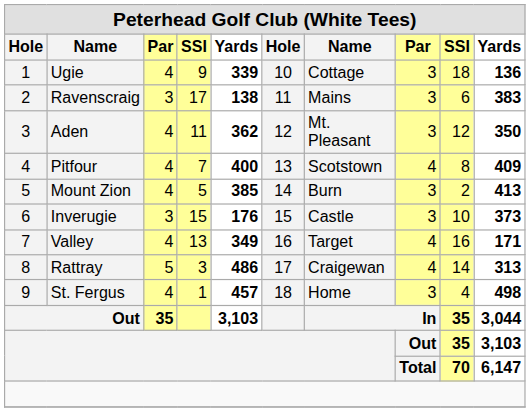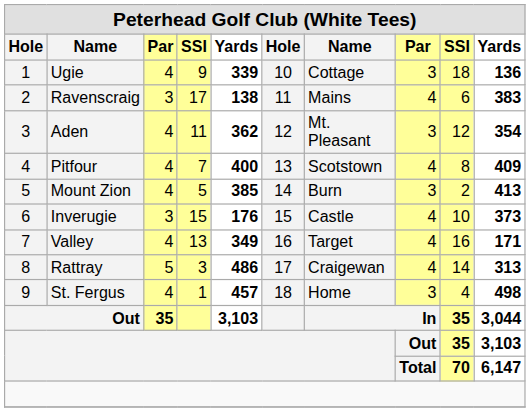 <table class="wikitable" style="font-size: 85%" "margin: 1em auto 1em auto" border="2" cellspacing="0" cellpadding="3" width="50%">
 <tr>
 <td align = "center" style="background:#E0E0E0;" colspan = "10"><strong><big>Peterhead Golf Club (White Tees)</big></strong></td>
 </tr>
 <tr>
 <td align = "center" style="background:#F3F3F3;"><strong>Hole</strong></td>
 <td align = "center" style="background:#F3F3F3;"><strong>Name</strong></td>
 <td align = "center" style="background:#FFFF99;"><strong>Par</strong></td>
 <td align = "center" style="background:#FFFF99;"><strong>SSI</strong></td>
 <td align = "center" style="background:#ffffff;"><strong>Yards</strong></td>
 <td align = "center" style="background:#F3F3F3;"><strong>Hole</strong></td>
 <td align = "center" style="background:#F3F3F3;"><strong>Name</strong></td>
 <td align = "center" style="background:#FFFF99;"><strong>Par</strong></td>
 <td align = "center" style="background:#FFFF99;"><strong>SSI</strong></td>
 <td align = "center" style="background:#ffffff;"><strong>Yards</strong></td>
 </tr>
 <tr>
 <td align = "center" style="background:#F3F3F3;">1</td>
 <td style="background:#F3F3F3;">Ugie</td>
 <td align = "right" style="background:#FFFF99;">4</td>
 <td align = "right" style="background:#FFFF99;">9</td>
 <td align = "right" style="background:#ffffff;"><strong>339</strong></td>
 <td align = "center" style="background:#F3F3F3;">10</td>
 <td style="background:#F3F3F3;">Cottage</td>
 <td align = "right" style="background:#FFFF99;">3</td>
 <td align = "right" style="background:#FFFF99;">18</td>
 <td align = "right" style="background:#ffffff;"><strong>136</strong></td>
 </tr>
 <tr>
 <td align = "center" style="background:#F3F3F3;">2</td>
 <td style="background:#F3F3F3;">Ravenscraig</td>
 <td align = "right" style="background:#FFFF99;">3</td>
 <td align = "right" style="background:#FFFF99;">17</td>
 <td align = "right" style="background:#ffffff;"><strong>138</strong></td>
 <td align = "center" style="background:#F3F3F3;">11</td>
 <td style="background:#F3F3F3;">Mains</td>
-<td align = "right" style="background:#FFFF99;">3</td>
+<td align = "right" style="background:#FFFF99;">4</td>
 <td align = "right" style="background:#FFFF99;">6</td>
 <td align = "right" style="background:#ffffff;"><strong>383</strong></td>
 </tr>
 <tr>
 <td align = "center" style="background:#F3F3F3;">3</td>
 <td style="background:#F3F3F3;">Aden</td>
 <td align = "right" style="background:#FFFF99;">4</td>
 <td align = "right" style="background:#FFFF99;">11</td>
 <td align = "right" style="background:#ffffff;"><strong>362</strong></td>
 <td align = "center" style="background:#F3F3F3;">12</td>
 <td style="background:#F3F3F3;">Mt. Pleasant</td>
 <td align = "right" style="background:#FFFF99;">3</td>
 <td align = "right" style="background:#FFFF99;">12</td>
-<td align = "right" style="background:#ffffff;"><strong>350</strong></td>
+<td align = "right" style="background:#ffffff;"><strong>354</strong></td>
 </tr>
 <tr>
 <td align = "center" style="background:#F3F3F3;">4</td>
 <td style="background:#F3F3F3;">Pitfour</td>
 <td align = "right" style="background:#FFFF99;">4</td>
 <td align = "right" style="background:#FFFF99;">7</td>
 <td align = "right" style="background:#ffffff;"><strong>400</strong></td>
 <td align = "center" style="background:#F3F3F3;">13</td>
 <td style="background:#F3F3F3;">Scotstown</td>
 <td align = "right" style="background:#FFFF99;">4</td>
 <td align = "right" style="background:#FFFF99;">8</td>
 <td align = "right" style="background:#ffffff;"><strong>409</strong></td>
 </tr>
 <tr>
 <td align = "center" style="background:#F3F3F3;">5</td>
 <td style="background:#F3F3F3;">Mount Zion</td>
 <td align = "right" style="background:#FFFF99;">4</td>
 <td align = "right" style="background:#FFFF99;">5</td>
 <td align = "right" style="background:#ffffff;"><strong>385</strong></td>
 <td align = "center" style="background:#F3F3F3;">14</td>
 <td style="background:#F3F3F3;">Burn</td>
 <td align = "right" style="background:#FFFF99;">3</td>
 <td align = "right" style="background:#FFFF99;">2</td>
 <td align = "right" style="background:#ffffff;"><strong>413</strong></td>
 </tr>
 <tr>
 <td align = "center" style="background:#F3F3F3;">6</td>
 <td style="background:#F3F3F3;">Inverugie</td>
 <td align = "right" style="background:#FFFF99;">3</td>
 <td align = "right" style="background:#FFFF99;">15</td>
 <td align = "right" style="background:#ffffff;"><strong>176</strong></td>
 <td align = "center" style="background:#F3F3F3;">15</td>
 <td style="background:#F3F3F3;">Castle</td>
-<td align = "right" style="background:#FFFF99;">3</td>
+<td align = "right" style="background:#FFFF99;">4</td>
 <td align = "right" style="background:#FFFF99;">10</td>
 <td align = "right" style="background:#ffffff;"><strong>373</strong></td>
 </tr>
 <tr>
 <td align = "center" style="background:#F3F3F3;">7</td>
 <td style="background:#F3F3F3;">Valley</td>
 <td align = "right" style="background:#FFFF99;">4</td>
 <td align = "right" style="background:#FFFF99;">13</td>
 <td align = "right" style="background:#ffffff;"><strong>349</strong></td>
 <td align = "center" style="background:#F3F3F3;">16</td>
 <td style="background:#F3F3F3;">Target</td>
 <td align = "right" style="background:#FFFF99;">4</td>
 <td align = "right" style="background:#FFFF99;">16</td>
 <td align = "right" style="background:#ffffff;"><strong>171</strong></td>
 </tr>
 <tr>
 <td align = "center" style="background:#F3F3F3;">8</td>
 <td style="background:#F3F3F3;">Rattray</td>
 <td align = "right" style="background:#FFFF99;">5</td>
 <td align = "right" style="background:#FFFF99;">3</td>
 <td align = "right" style="background:#ffffff;"><strong>486</strong></td>
 <td align = "center" style="background:#F3F3F3;">17</td>
 <td style="background:#F3F3F3;">Craigewan</td>
 <td align = "right" style="background:#FFFF99;">4</td>
 <td align = "right" style="background:#FFFF99;">14</td>
 <td align = "right" style="background:#ffffff;"><strong>313</strong></td>
 </tr>
 <tr>
 <td align = "center" style="background:#F3F3F3;">9</td>
 <td style="background:#F3F3F3;">St. Fergus</td>
 <td align = "right" style="background:#FFFF99;">4</td>
 <td align = "right" style="background:#FFFF99;">1</td>
 <td align = "right" style="background:#ffffff;"><strong>457</strong></td>
 <td align = "center" style="background:#F3F3F3;">18</td>
 <td style="background:#F3F3F3;">Home</td>
 <td align = "right" style="background:#FFFF99;">3</td>
 <td align = "right" style="background:#FFFF99;">4</td>
 <td align = "right" style="background:#ffffff;"><strong>498</strong></td>
 </tr>
 <tr>
 <td align = "right" style="background:#F3F3F3;" colspan = "2"><strong>Out</strong></td>
 <td align = "right" style="background:#FFFF99;"><strong>35</strong></td>
 <td align = "right" style="background:#FFFF99;"> </td>
 <td align = "right" style="background:#ffffff;"><strong>3,103</strong></td>
 <td style="background:#F3F3F3;"> </td>
 <td align = "right" style="background:#F3F3F3;" colspan = "2"><strong>In</strong></td>
 <td align = "right" style="background:#FFFF99;"><strong>35</strong></td>
 <td align = "right" style="background:#ffffff;"><strong>3,044</strong></td>
 </tr>
 <tr>
 <td style="background:#F3F3F3;" colspan = "7" rowspan = "2"> </td>
 <td align = "right" style="background:#F3F3F3;"><strong>Out</strong></td>
 <td align = "right" style="background:#FFFF99;"><strong>35</strong></td>
 <td align = "right" style="background:#ffffff;"><strong>3,103</strong></td>
 </tr>
 <tr>
 <td align = "right" style="background:#F3F3F3;"><strong>Total</strong></td>
 <td align = "right" style="background:#FFFF99;"><strong>70</strong></td>
 <td align = "right" style="background:#ffffff;"><strong>6,147</strong></td>
 </tr>
 <tr>
 <td align = "right" colspan = "10"> </td>
 </tr>
 <tr>
 </tr>
 </table>
